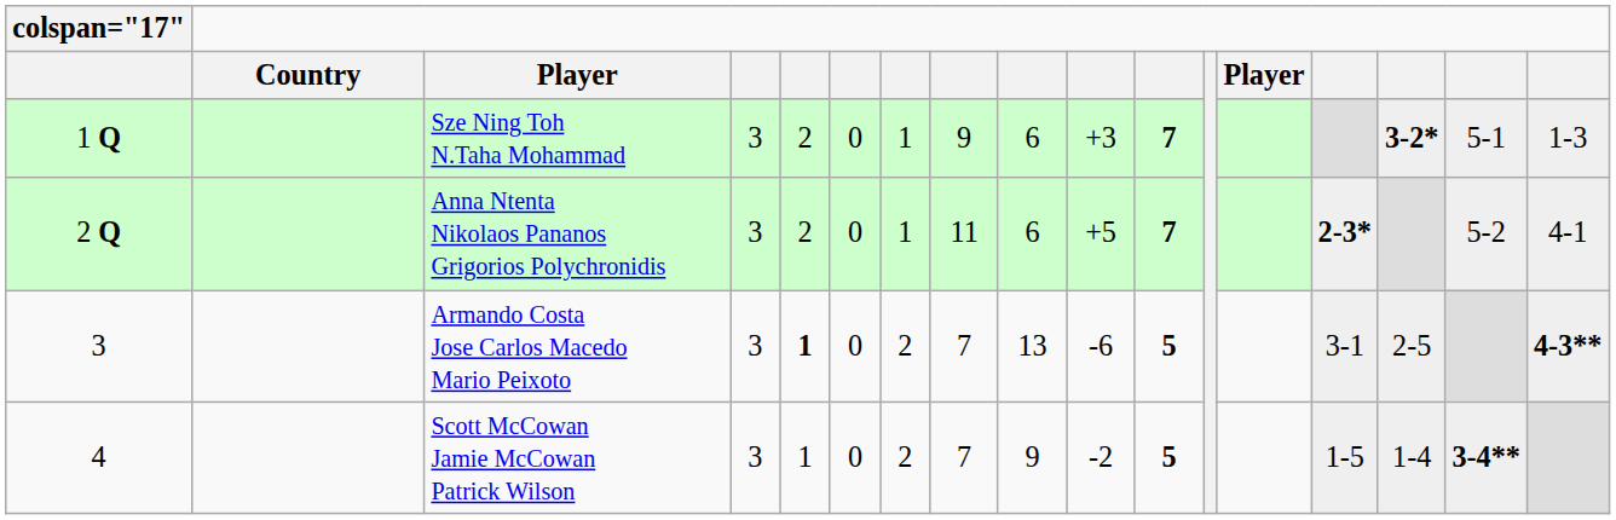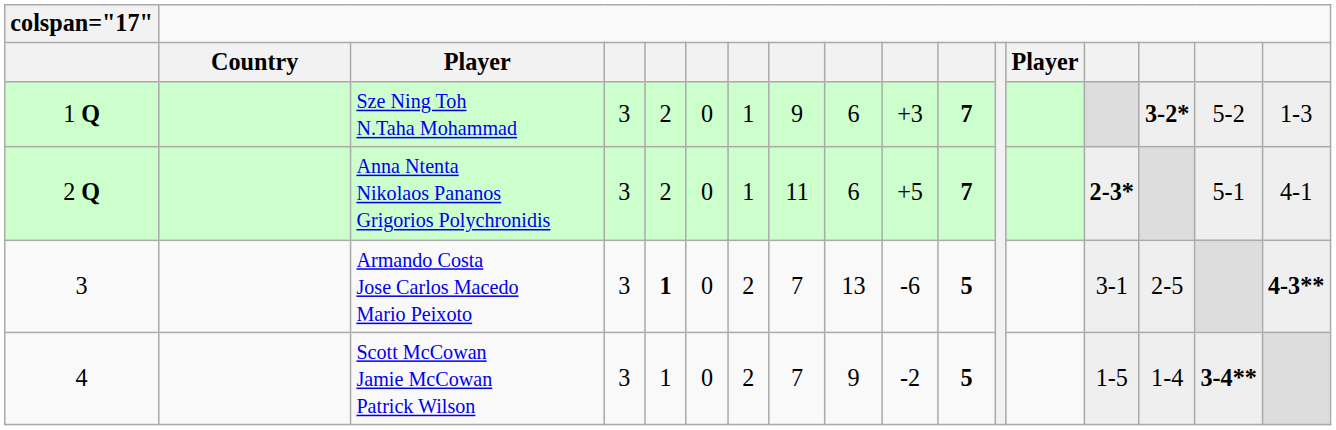 <table class=wikitable style=text-align:center>
 <tr>
 <th>colspan="17" </th>
 </tr>
 <tr>
 <th width=20 abbr=Position></th>
 <th width=120>Country</th>
 <th width=160>Player</th>
 <th width=20 abbr=Played></th>
 <th width=20 abbr=Won></th>
 <th width=20 abbr=Drawn></th>
 <th width=20 abbr=Lost></th>
 <th width=30 abbr=Points for></th>
 <th width=30 abbr=Points against></th>
 <th width=30 abbr=Points difference></th>
 <th width=30 abbr=Points></th>
 <th rowspan="5" abbr=H2H></th>
 <th>Player</th>
 <th></th>
 <th></th>
 <th></th>
 <th></th>
 </tr>
 <tr bgcolor=#CCFFCC>
 <td>1 <strong>Q</strong></td>
 <td align=left><strong></strong></td>
 <td align="left"><small><a href='#'>Sze Ning Toh</a><br><a href='#'>N.Taha Mohammad</a></small></td>
 <td>3</td>
 <td>2</td>
 <td>0</td>
 <td>1</td>
 <td>9</td>
 <td>6</td>
 <td>+3</td>
 <td><strong>7</strong></td>
 <td></td>
 <td bgcolor="#dddddd"> </td>
 <td bgcolor="#efefef"><strong>3-2*</strong></td>
-<td bgcolor="#efefef">5-1</td>
+<td bgcolor="#efefef">5-2</td>
 <td bgcolor="#efefef">1-3</td>
 </tr>
 <tr bgcolor=#CCFFCC>
 <td>2 <strong>Q</strong> </td>
 <td align=left><strong></strong></td>
 <td align="left"><small><a href='#'>Anna Ntenta</a><br><a href='#'>Nikolaos Pananos</a><br><a href='#'>Grigorios Polychronidis</a></small></td>
 <td>3</td>
 <td>2</td>
 <td>0</td>
 <td>1</td>
 <td>11</td>
 <td>6</td>
 <td>+5</td>
 <td><strong>7</strong></td>
 <td></td>
 <td bgcolor="#efefef"><strong>2-3*</strong></td>
 <td bgcolor="#dddddd"> </td>
-<td bgcolor="#efefef">5-2</td>
+<td bgcolor="#efefef">5-1</td>
 <td bgcolor="#efefef">4-1</td>
 </tr>
 <tr>
 <td>3 </td>
 <td align=left><strong></strong></td>
 <td align="left"><small><a href='#'>Armando Costa</a><br><a href='#'>Jose Carlos Macedo</a><br><a href='#'>Mario Peixoto</a></small></td>
 <td>3</td>
 <td><strong>1</strong></td>
 <td>0</td>
 <td>2</td>
 <td>7</td>
 <td>13</td>
 <td>-6</td>
 <td><strong>5</strong></td>
 <td></td>
 <td bgcolor="#efefef">3-1</td>
 <td bgcolor="#efefef">2-5</td>
 <td bgcolor="#dddddd"> </td>
 <td bgcolor="#efefef"><strong>4-3**</strong></td>
 </tr>
 <tr>
 <td>4 </td>
 <td align=left><strong></strong></td>
 <td align="left"><small><a href='#'>Scott McCowan</a><br><a href='#'>Jamie McCowan</a><br><a href='#'>Patrick Wilson</a></small></td>
 <td>3</td>
 <td>1</td>
 <td>0</td>
 <td>2</td>
 <td>7</td>
 <td>9</td>
 <td>-2</td>
 <td><strong>5</strong></td>
 <td></td>
 <td bgcolor="#efefef">1-5</td>
 <td bgcolor="#efefef">1-4</td>
 <td bgcolor="#efefef"><strong>3-4**</strong></td>
 <td bgcolor="#dddddd"> </td>
 </tr>
 </table>
